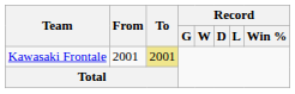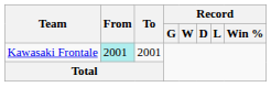 <table class="wikitable" style="text-align: center">
 <tr>
 <th rowspan="2">Team</th>
 <th rowspan="2">From</th>
 <th rowspan="2">To</th>
 <th colspan="5">Record</th>
 </tr>
 <tr>
 <th>G</th>
 <th>W</th>
 <th>D</th>
 <th>L</th>
 <th>Win %</th>
 </tr>
 <tr>
 <td align="left"><a href='#'>Kawasaki Frontale</a></td>
-<td align="left">2001</td>
-<td align="left" style="background: khaki;">2001<br></td>
+<td align="left" style="background: paleturquoise;">2001</td>
+<td align="left">2001<br></td>
 </tr>
 <tr>
 <th colspan="3">Total<br></th>
 </tr>
 </table>
